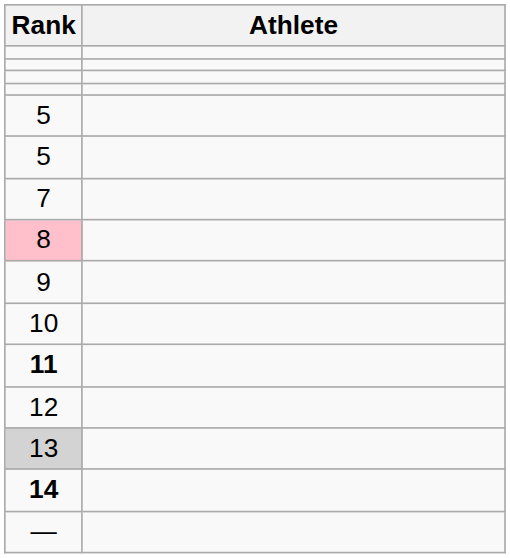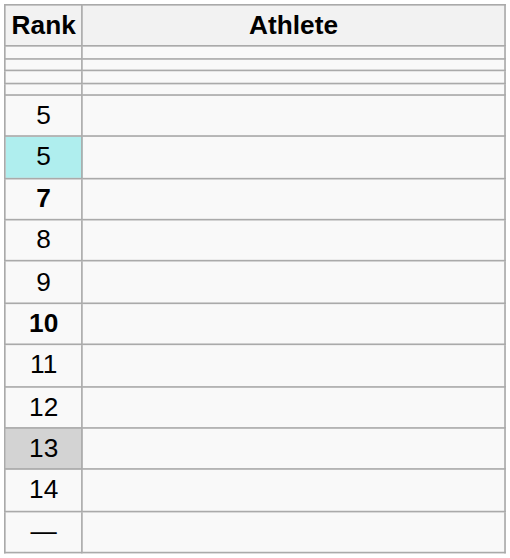 <table class="wikitable" style="text-align: center;">
 <tr>
 <th width=40>Rank</th>
 <th width=250>Athlete</th>
 </tr>
 <tr>
 <td></td>
 <td align=left></td>
 </tr>
 <tr>
 <td></td>
 <td align=left></td>
 </tr>
 <tr>
 <td></td>
 <td align=left></td>
 </tr>
 <tr>
 <td></td>
 <td align=left></td>
 </tr>
 <tr>
 <td>5</td>
 <td align=left></td>
 </tr>
 <tr>
-<td>5</td>
+<td style="background: paleturquoise;">5</td>
 <td align=left></td>
 </tr>
 <tr>
-<td>7</td>
+<td><strong>7</strong></td>
 <td align=left></td>
 </tr>
 <tr>
-<td style="background: pink;">8</td>
+<td>8</td>
 <td align=left></td>
 </tr>
 <tr>
 <td>9</td>
 <td align=left></td>
 </tr>
 <tr>
-<td>10</td>
+<td><strong>10</strong></td>
 <td align=left></td>
 </tr>
 <tr>
-<td><strong>11</strong></td>
+<td>11</td>
 <td align=left></td>
 </tr>
 <tr>
 <td>12</td>
 <td align=left></td>
 </tr>
 <tr>
 <td style="background: lightgrey;">13</td>
 <td align=left></td>
 </tr>
 <tr>
-<td><strong>14</strong></td>
+<td>14</td>
 <td align=left></td>
 </tr>
 <tr>
 <td>—</td>
 <td align=left></td>
 </tr>
 </table>
